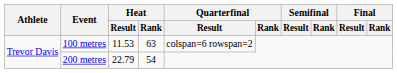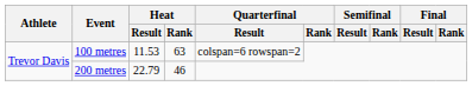 <table class=wikitable style=font-size:90%>
 <tr>
 <th rowspan=2>Athlete</th>
 <th rowspan=2>Event</th>
 <th colspan=2>Heat</th>
 <th colspan=2>Quarterfinal</th>
 <th colspan=2>Semifinal</th>
 <th colspan=2>Final</th>
 </tr>
 <tr style=font-size:95%>
 <th>Result</th>
 <th>Rank</th>
 <th>Result</th>
 <th>Rank</th>
 <th>Result</th>
 <th>Rank</th>
 <th>Result</th>
 <th>Rank</th>
 </tr>
 <tr align=center>
 <td align=left rowspan=2><a href='#'>Trevor Davis</a></td>
 <td align=left><a href='#'>100 metres</a></td>
 <td>11.53</td>
 <td>63</td>
 <td>colspan=6 rowspan=2 </td>
 </tr>
 <tr align=center>
 <td align=left><a href='#'>200 metres</a></td>
 <td>22.79</td>
-<td>54</td>
+<td>46</td>
 </tr>
 </table>
